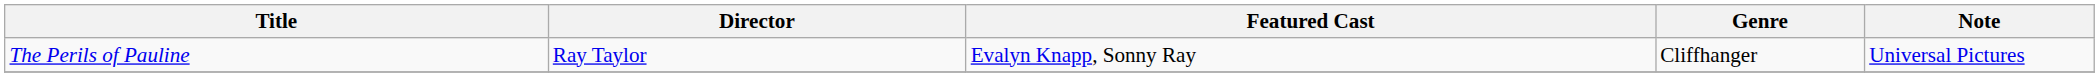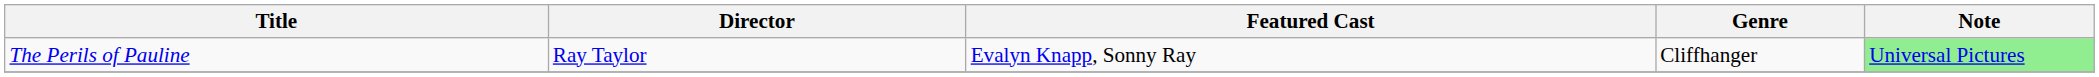 <table class="wikitable" style="width:100%;">
 <tr>
 <th style="width:26%;">Title</th>
 <th style="width:20%;">Director</th>
 <th style="width:33%;">Featured Cast</th>
 <th style="width:10%;">Genre</th>
 <th style="width:11%;">Note</th>
 </tr>
 <tr>
 <td><em><a href='#'>The Perils of Pauline</a></em></td>
 <td><a href='#'>Ray Taylor</a></td>
 <td><a href='#'>Evalyn Knapp</a>, Sonny Ray</td>
 <td>Cliffhanger</td>
-<td><a href='#'>Universal Pictures</a></td>
+<td style="background: lightgreen;"><a href='#'>Universal Pictures</a></td>
 </tr>
 <tr>
 </tr>
 </table>
